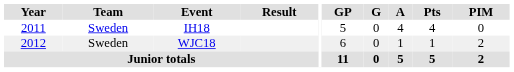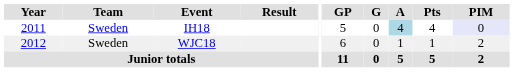 <table border="0" cellpadding="1" cellspacing="0" ID="Table3" style="text-align:center; width:40em">
 <tr bgcolor="#e0e0e0">
 <th>Year</th>
 <th>Team</th>
 <th>Event</th>
 <th>Result</th>
 <th rowspan="99" bgcolor="#ffffff"></th>
 <th>GP</th>
 <th>G</th>
 <th>A</th>
 <th>Pts</th>
 <th>PIM</th>
 </tr>
 <tr>
 <td><a href='#'>2011</a></td>
 <td><a href='#'>Sweden</a></td>
 <td><a href='#'>IH18</a></td>
 <td></td>
 <td>5</td>
 <td>0</td>
+<td style="background: lightblue;">4</td>
 <td>4</td>
-<td>4</td>
-<td>0</td>
+<td style="background: lavender;">0</td>
 </tr>
 <tr bgcolor="#f0f0f0">
 <td><a href='#'>2012</a></td>
 <td>Sweden</td>
 <td><a href='#'>WJC18</a></td>
 <td></td>
 <td>6</td>
 <td>0</td>
 <td>1</td>
 <td>1</td>
 <td>2</td>
 </tr>
 <tr bgcolor="#e0e0e0">
 <th colspan=4>Junior totals</th>
 <th>11</th>
 <th>0</th>
 <th>5</th>
 <th>5</th>
 <th>2</th>
 </tr>
 </table>
